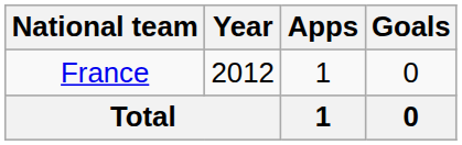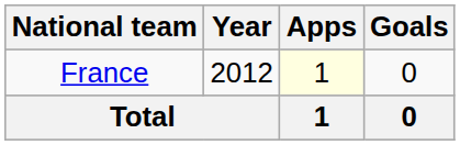 <table class="wikitable" style="text-align:center">
 <tr>
 <th>National team</th>
 <th>Year</th>
 <th>Apps</th>
 <th>Goals</th>
 </tr>
 <tr>
 <td><a href='#'>France</a></td>
 <td>2012</td>
-<td>1</td>
+<td style="background: lightyellow;">1</td>
 <td>0</td>
 </tr>
 <tr>
 <th colspan="2">Total</th>
 <th>1</th>
 <th>0</th>
 </tr>
 </table>
